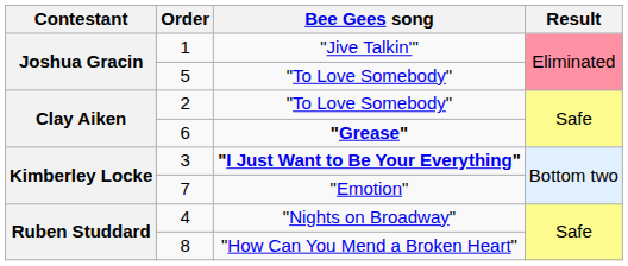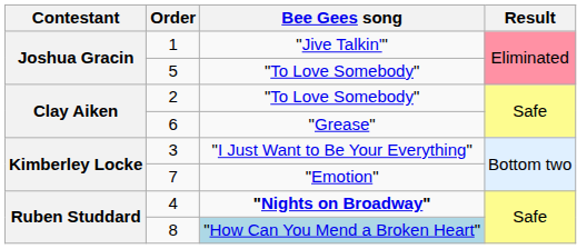 <table class="wikitable unsortable" style="text-align:center;">
 <tr>
 <th scope="col">Contestant</th>
 <th scope="col">Order</th>
 <th scope="col"><a href='#'>Bee Gees</a> song</th>
 <th scope="col">Result</th>
 </tr>
 <tr>
 <th rowspan="2" scope="row">Joshua Gracin</th>
 <td>1</td>
 <td>"<a href='#'>Jive Talkin'</a>"</td>
 <td rowspan="2" bgcolor="FF91A4">Eliminated</td>
 </tr>
 <tr>
 <td>5</td>
 <td>"<a href='#'>To Love Somebody</a>"</td>
 </tr>
 <tr>
 <th rowspan="2" scope="row">Clay Aiken</th>
 <td>2</td>
 <td>"<a href='#'>To Love Somebody</a>"</td>
 <td rowspan="2" style="background:#FDFC8F;">Safe</td>
 </tr>
 <tr>
 <td>6</td>
-<td><strong>"<a href='#'>Grease</a>"</strong></td>
+<td>"<a href='#'>Grease</a>"</td>
 </tr>
 <tr>
 <th rowspan="2" scope="row">Kimberley Locke</th>
 <td>3</td>
-<td><strong>"<a href='#'>I Just Want to Be Your Everything</a>"</strong></td>
+<td>"<a href='#'>I Just Want to Be Your Everything</a>"</td>
 <td rowspan="2" style="background:#e0f0ff">Bottom two</td>
 </tr>
 <tr>
 <td>7</td>
 <td>"<a href='#'>Emotion</a>"</td>
 </tr>
 <tr>
 <th rowspan="2" scope="row">Ruben Studdard</th>
 <td>4</td>
-<td>"<a href='#'>Nights on Broadway</a>"</td>
+<td><strong>"<a href='#'>Nights on Broadway</a>"</strong></td>
 <td rowspan="2" style="background:#FDFC8F;">Safe</td>
 </tr>
 <tr>
 <td>8</td>
-<td>"<a href='#'>How Can You Mend a Broken Heart</a>"</td>
+<td style="background: lightblue;">"<a href='#'>How Can You Mend a Broken Heart</a>"</td>
 </tr>
 </table>
